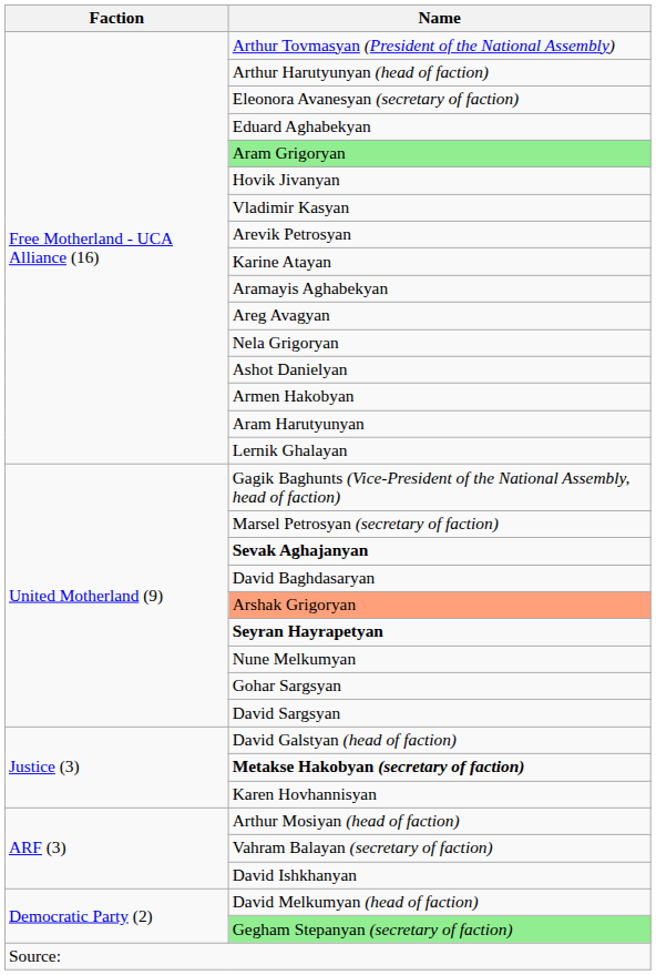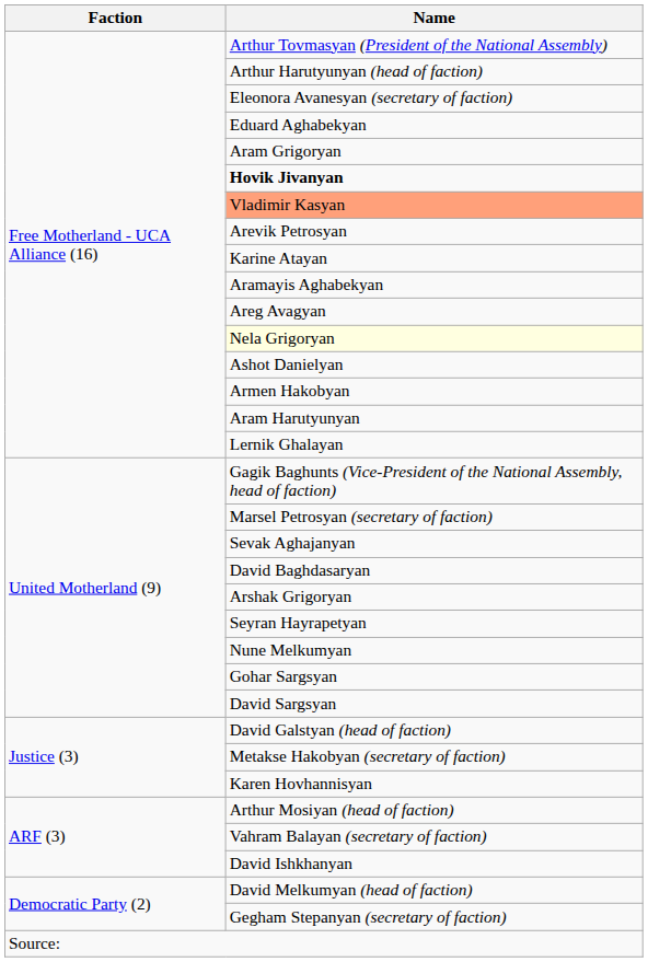 <table class="wikitable">
 <tr>
 <th>Faction</th>
 <th>Name</th>
 </tr>
 <tr>
 <td rowspan="16"><a href='#'>Free Motherland - UCA Alliance</a> (16)</td>
 <td><a href='#'>Arthur Tovmasyan</a> <em>(<a href='#'>President of the National Assembly</a>)</em></td>
 </tr>
 <tr>
 <td>Arthur Harutyunyan <em>(head of faction)</em></td>
 </tr>
 <tr>
 <td>Eleonora Avanesyan <em>(secretary of faction)</em></td>
 </tr>
 <tr>
 <td>Eduard Aghabekyan</td>
 </tr>
 <tr>
-<td style="background: lightgreen;">Aram Grigoryan</td>
+<td>Aram Grigoryan</td>
 </tr>
 <tr>
-<td>Hovik Jivanyan</td>
+<td><strong>Hovik Jivanyan</strong></td>
 </tr>
 <tr>
-<td>Vladimir Kasyan</td>
+<td style="background: lightsalmon;">Vladimir Kasyan</td>
 </tr>
 <tr>
 <td>Arevik Petrosyan</td>
 </tr>
 <tr>
 <td>Karine Atayan</td>
 </tr>
 <tr>
 <td>Aramayis Aghabekyan</td>
 </tr>
 <tr>
 <td>Areg Avagyan</td>
 </tr>
 <tr>
-<td>Nela Grigoryan</td>
+<td style="background: lightyellow;">Nela Grigoryan</td>
 </tr>
 <tr>
 <td>Ashot Danielyan</td>
 </tr>
 <tr>
 <td>Armen Hakobyan</td>
 </tr>
 <tr>
 <td>Aram Harutyunyan</td>
 </tr>
 <tr>
 <td>Lernik Ghalayan</td>
 </tr>
 <tr>
 <td rowspan="9"><a href='#'>United Motherland</a> (9)</td>
 <td>Gagik Baghunts <em>(Vice-President of the National Assembly, head of faction)</em></td>
 </tr>
 <tr>
 <td>Marsel Petrosyan <em>(secretary of faction)</em></td>
 </tr>
 <tr>
-<td><strong>Sevak Aghajanyan</strong></td>
+<td>Sevak Aghajanyan</td>
 </tr>
 <tr>
 <td>David Baghdasaryan</td>
 </tr>
 <tr>
-<td style="background: lightsalmon;">Arshak Grigoryan</td>
+<td>Arshak Grigoryan</td>
 </tr>
 <tr>
-<td><strong>Seyran Hayrapetyan</strong></td>
+<td>Seyran Hayrapetyan</td>
 </tr>
 <tr>
 <td>Nune Melkumyan</td>
 </tr>
 <tr>
 <td>Gohar Sargsyan</td>
 </tr>
 <tr>
 <td>David Sargsyan</td>
 </tr>
 <tr>
 <td rowspan="3"><a href='#'>Justice</a> (3)</td>
 <td>David Galstyan <em>(head of faction)</em></td>
 </tr>
 <tr>
-<td><strong>Metakse Hakobyan <em>(secretary of faction)</em></strong></td>
+<td>Metakse Hakobyan <em>(secretary of faction)</em></td>
 </tr>
 <tr>
 <td>Karen Hovhannisyan</td>
 </tr>
 <tr>
 <td rowspan="3"><a href='#'>ARF</a> (3)</td>
 <td>Arthur Mosiyan <em>(head of faction)</em></td>
 </tr>
 <tr>
 <td>Vahram Balayan <em>(secretary of faction)</em></td>
 </tr>
 <tr>
 <td>David Ishkhanyan</td>
 </tr>
 <tr>
 <td rowspan="2"><a href='#'>Democratic Party</a> (2)</td>
 <td>David Melkumyan <em>(head of faction)</em></td>
 </tr>
 <tr>
-<td style="background: lightgreen;">Gegham Stepanyan <em>(secretary of faction)</em></td>
+<td>Gegham Stepanyan <em>(secretary of faction)</em></td>
 </tr>
 <tr>
 <td colspan="2">Source: </td>
 </tr>
 </table>
